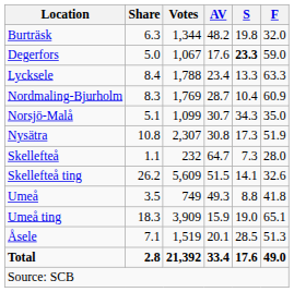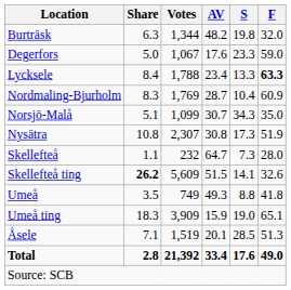 <table class="wikitable sortable" style=text-align:right>
 <tr>
 <th>Location</th>
 <th>Share</th>
 <th>Votes</th>
 <th><a href='#'>AV</a></th>
 <th><a href='#'>S</a></th>
 <th><a href='#'>F</a></th>
 </tr>
 <tr>
 <td align=left><a href='#'>Burträsk</a></td>
 <td>6.3</td>
 <td>1,344</td>
 <td>48.2</td>
 <td>19.8</td>
 <td>32.0</td>
 </tr>
 <tr>
 <td align=left><a href='#'>Degerfors</a></td>
 <td>5.0</td>
 <td>1,067</td>
 <td>17.6</td>
-<td><strong>23.3</strong></td>
+<td>23.3</td>
 <td>59.0</td>
 </tr>
 <tr>
 <td align=left><a href='#'>Lycksele</a></td>
 <td>8.4</td>
 <td>1,788</td>
 <td>23.4</td>
 <td>13.3</td>
-<td>63.3</td>
+<td><strong>63.3</strong></td>
 </tr>
 <tr>
 <td align=left><a href='#'>Nordmaling-Bjurholm</a></td>
 <td>8.3</td>
 <td>1,769</td>
 <td>28.7</td>
 <td>10.4</td>
 <td>60.9</td>
 </tr>
 <tr>
 <td align=left><a href='#'>Norsjö-Malå</a></td>
 <td>5.1</td>
 <td>1,099</td>
 <td>30.7</td>
 <td>34.3</td>
 <td>35.0</td>
 </tr>
 <tr>
 <td align=left><a href='#'>Nysätra</a></td>
 <td>10.8</td>
 <td>2,307</td>
 <td>30.8</td>
 <td>17.3</td>
 <td>51.9</td>
 </tr>
 <tr>
 <td align=left><a href='#'>Skellefteå</a></td>
 <td>1.1</td>
 <td>232</td>
 <td>64.7</td>
 <td>7.3</td>
 <td>28.0</td>
 </tr>
 <tr>
 <td align=left><a href='#'>Skellefteå ting</a></td>
-<td>26.2</td>
+<td><strong>26.2</strong></td>
 <td>5,609</td>
 <td>51.5</td>
 <td>14.1</td>
 <td>32.6</td>
 </tr>
 <tr>
 <td align=left><a href='#'>Umeå</a></td>
 <td>3.5</td>
 <td>749</td>
 <td>49.3</td>
 <td>8.8</td>
 <td>41.8</td>
 </tr>
 <tr>
 <td align=left><a href='#'>Umeå ting</a></td>
 <td>18.3</td>
 <td>3,909</td>
 <td>15.9</td>
 <td>19.0</td>
 <td>65.1</td>
 </tr>
 <tr>
 <td align=left><a href='#'>Åsele</a></td>
 <td>7.1</td>
 <td>1,519</td>
 <td>20.1</td>
 <td>28.5</td>
 <td>51.3</td>
 </tr>
 <tr>
 <td align=left><strong>Total</strong></td>
 <td><strong>2.8</strong></td>
 <td><strong>21,392</strong></td>
 <td><strong>33.4</strong></td>
 <td><strong>17.6</strong></td>
 <td><strong>49.0</strong></td>
 </tr>
 <tr>
 <td align=left colspan=6>Source: SCB </td>
 </tr>
 </table>
